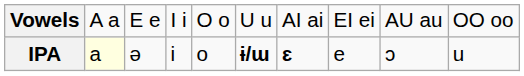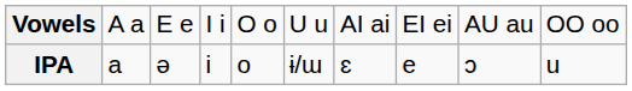 <table class="wikitable" width="400">
 <tr valign="top">
 <th>Vowels</th>
 <td>A a</td>
 <td>E e</td>
 <td>I i</td>
 <td>O o</td>
 <td>U u</td>
 <td>AI ai</td>
 <td>EI ei</td>
 <td>AU au</td>
 <td>OO oo</td>
 </tr>
 <tr>
 <th>IPA</th>
-<td style="background: lightyellow;">a</td>
+<td>a</td>
 <td>ə</td>
 <td>i</td>
 <td>o</td>
-<td><strong>ɨ/ɯ</strong></td>
-<td><strong>ɛ</strong></td>
+<td>ɨ/ɯ</td>
+<td>ɛ</td>
 <td>e</td>
 <td>ɔ</td>
 <td>u</td>
 </tr>
 </table>
